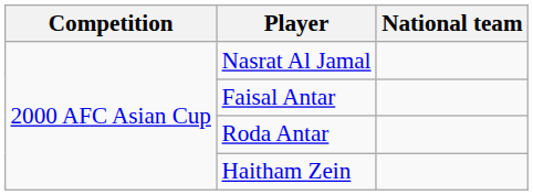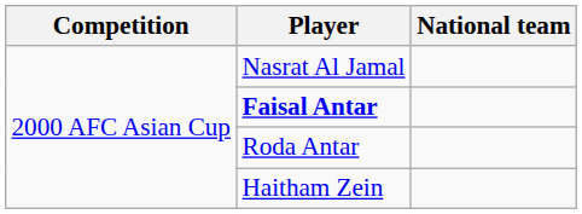 <table class="wikitable">
 <tr>
 <th>Competition</th>
 <th>Player</th>
 <th>National team</th>
 </tr>
 <tr>
 <td rowspan="4"><a href='#'>2000 AFC Asian Cup</a></td>
 <td><a href='#'>Nasrat Al Jamal</a></td>
 <td></td>
 </tr>
 <tr>
-<td><a href='#'>Faisal Antar</a></td>
+<td><strong><a href='#'>Faisal Antar</a></strong></td>
 <td></td>
 </tr>
 <tr>
 <td><a href='#'>Roda Antar</a></td>
 <td></td>
 </tr>
 <tr>
 <td><a href='#'>Haitham Zein</a></td>
 <td></td>
 </tr>
 </table>
